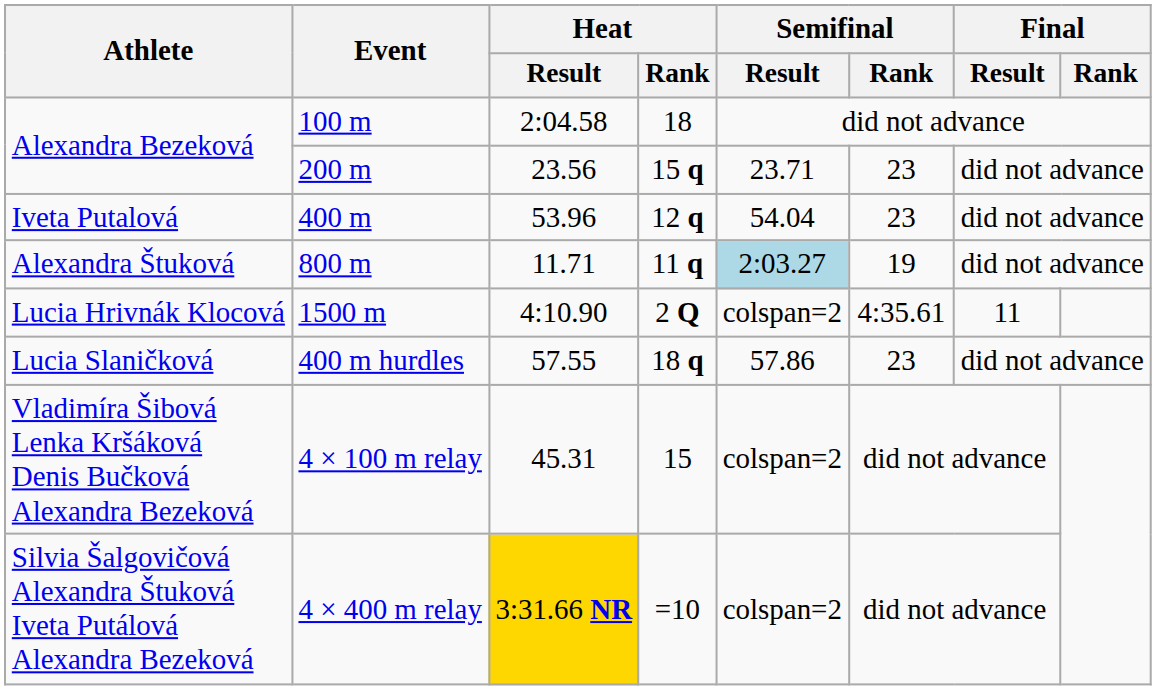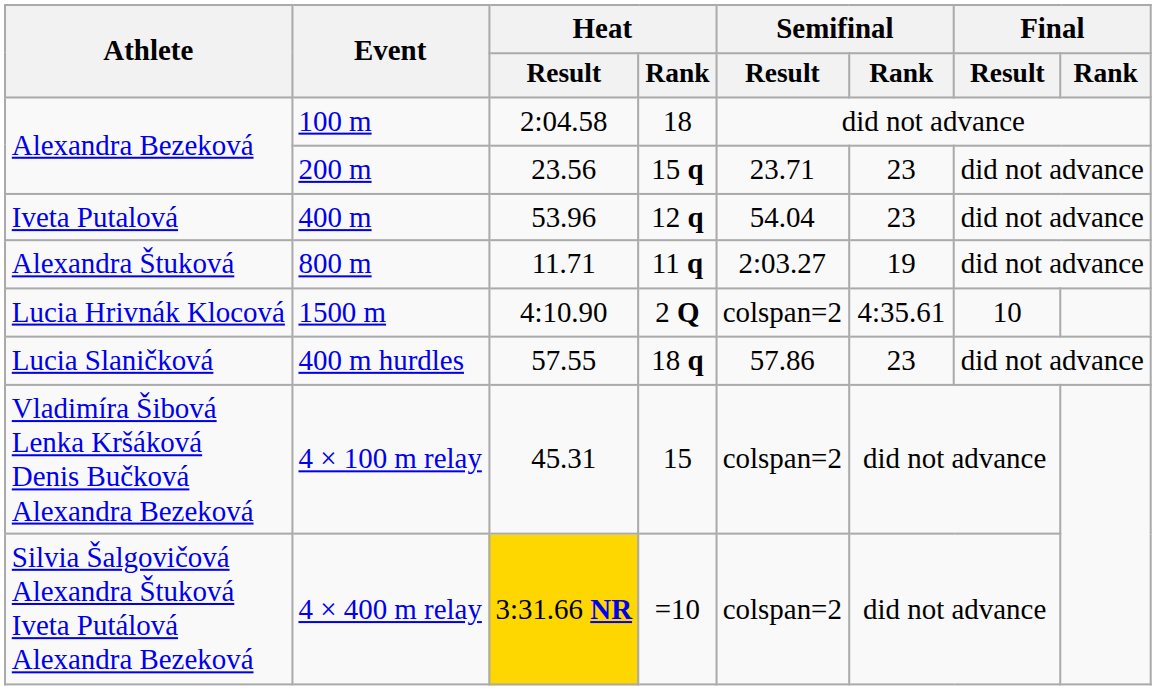 <table class=wikitable style="font-size:90%">
 <tr>
 <th rowspan=2>Athlete</th>
 <th rowspan=2>Event</th>
 <th colspan=2>Heat</th>
 <th colspan=2>Semifinal</th>
 <th colspan=2>Final</th>
 </tr>
 <tr style="font-size:95%">
 <th>Result</th>
 <th>Rank</th>
 <th>Result</th>
 <th>Rank</th>
 <th>Result</th>
 <th>Rank</th>
 </tr>
 <tr align=center>
 <td align=left rowspan=2><a href='#'>Alexandra Bezeková</a></td>
 <td align=left><a href='#'>100 m</a></td>
 <td>2:04.58</td>
 <td>18</td>
 <td colspan=4>did not advance</td>
 </tr>
 <tr align=center>
 <td align=left><a href='#'>200 m</a></td>
 <td>23.56</td>
 <td>15 <strong>q</strong></td>
 <td>23.71</td>
 <td>23</td>
 <td colspan=2>did not advance</td>
 </tr>
 <tr align=center>
 <td align=left><a href='#'>Iveta Putalová</a></td>
 <td align=left><a href='#'>400 m</a></td>
 <td>53.96</td>
 <td>12 <strong>q</strong></td>
 <td>54.04</td>
 <td>23</td>
 <td colspan=2>did not advance</td>
 </tr>
 <tr align=center>
 <td align=left><a href='#'>Alexandra Štuková</a></td>
 <td align=left><a href='#'>800 m</a></td>
 <td>11.71</td>
 <td>11 <strong>q</strong></td>
-<td style="background: lightblue;">2:03.27</td>
+<td>2:03.27</td>
 <td>19</td>
 <td colspan=2>did not advance</td>
 </tr>
 <tr align=center>
 <td align=left><a href='#'>Lucia Hrivnák Klocová</a></td>
 <td align=left><a href='#'>1500 m</a></td>
 <td>4:10.90</td>
 <td>2 <strong>Q</strong></td>
 <td>colspan=2 </td>
 <td>4:35.61</td>
-<td>11</td>
+<td>10</td>
 </tr>
 <tr align=center>
 <td align=left><a href='#'>Lucia Slaničková</a></td>
 <td align=left><a href='#'>400 m hurdles</a></td>
 <td>57.55</td>
 <td>18 <strong>q</strong></td>
 <td>57.86</td>
 <td>23</td>
 <td colspan=2>did not advance</td>
 </tr>
 <tr align=center>
 <td align=left><a href='#'>Vladimíra Šibová</a><br><a href='#'>Lenka Kršáková</a><br><a href='#'>Denis Bučková</a><br><a href='#'>Alexandra Bezeková</a></td>
 <td align=left><a href='#'>4 × 100 m relay</a></td>
 <td>45.31</td>
 <td>15</td>
 <td>colspan=2 </td>
 <td colspan=2>did not advance</td>
 </tr>
 <tr align=center>
 <td align=left><a href='#'>Silvia Šalgovičová</a><br><a href='#'>Alexandra Štuková</a><br><a href='#'>Iveta Putálová</a><br><a href='#'>Alexandra Bezeková</a></td>
 <td align=left><a href='#'>4 × 400 m relay</a></td>
 <td style="background: gold;">3:31.66 <strong><a href='#'>NR</a></strong></td>
 <td>=10</td>
 <td>colspan=2 </td>
 <td colspan=2>did not advance</td>
 </tr>
 </table>
